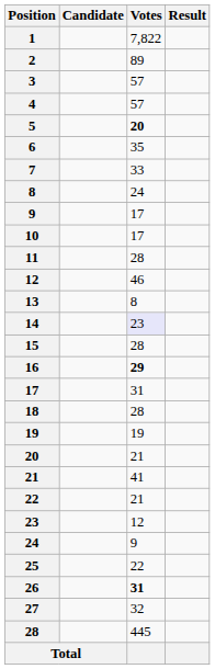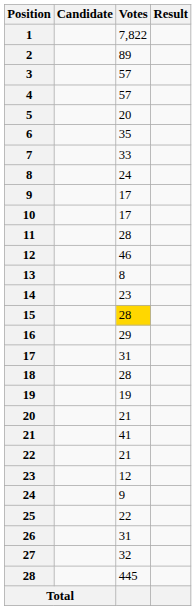 <table class="wikitable sortable col3right">
 <tr>
 <th scope="col">Position</th>
 <th scope="col">Candidate</th>
 <th scope="col">Votes</th>
 <th scope="col">Result</th>
 </tr>
 <tr>
 <th scope="row">1</th>
 <td></td>
 <td>7,822</td>
 <td></td>
 </tr>
 <tr>
 <th scope="row">2</th>
 <td></td>
 <td>89</td>
 <td></td>
 </tr>
 <tr>
 <th scope="row">3</th>
 <td></td>
 <td>57</td>
 <td></td>
 </tr>
 <tr>
 <th scope="row">4</th>
 <td></td>
 <td>57</td>
 <td></td>
 </tr>
 <tr>
 <th scope="row">5</th>
 <td></td>
-<td><strong>20</strong></td>
+<td>20</td>
 <td></td>
 </tr>
 <tr>
 <th scope="row">6</th>
 <td></td>
 <td>35</td>
 <td></td>
 </tr>
 <tr>
 <th scope="row">7</th>
 <td></td>
 <td>33</td>
 <td></td>
 </tr>
 <tr>
 <th scope="row">8</th>
 <td></td>
 <td>24</td>
 <td></td>
 </tr>
 <tr>
 <th scope="row">9</th>
 <td></td>
 <td>17</td>
 <td></td>
 </tr>
 <tr>
 <th scope="row">10</th>
 <td></td>
 <td>17</td>
 <td></td>
 </tr>
 <tr>
 <th scope="row">11</th>
 <td></td>
 <td>28</td>
 <td></td>
 </tr>
 <tr>
 <th scope="row">12</th>
 <td></td>
 <td>46</td>
 <td></td>
 </tr>
 <tr>
 <th scope="row">13</th>
 <td></td>
 <td>8</td>
 <td></td>
 </tr>
 <tr>
 <th scope="row">14</th>
 <td></td>
-<td style="background: lavender;">23</td>
+<td>23</td>
 <td></td>
 </tr>
 <tr>
 <th scope="row">15</th>
 <td></td>
-<td>28</td>
+<td style="background: gold;">28</td>
 <td></td>
 </tr>
 <tr>
 <th scope="row">16</th>
 <td></td>
-<td><strong>29</strong></td>
+<td>29</td>
 <td></td>
 </tr>
 <tr>
 <th scope="row">17</th>
 <td></td>
 <td>31</td>
 <td></td>
 </tr>
 <tr>
 <th scope="row">18</th>
 <td></td>
 <td>28</td>
 <td></td>
 </tr>
 <tr>
 <th scope="row">19</th>
 <td></td>
 <td>19</td>
 <td></td>
 </tr>
 <tr>
 <th scope="row">20</th>
 <td></td>
 <td>21</td>
 <td></td>
 </tr>
 <tr>
 <th scope="row">21</th>
 <td></td>
 <td>41</td>
 <td></td>
 </tr>
 <tr>
 <th scope="row">22</th>
 <td></td>
 <td>21</td>
 <td></td>
 </tr>
 <tr>
 <th scope="row">23</th>
 <td></td>
 <td>12</td>
 <td></td>
 </tr>
 <tr>
 <th scope="row">24</th>
 <td></td>
 <td>9</td>
 <td></td>
 </tr>
 <tr>
 <th scope="row">25</th>
 <td></td>
 <td>22</td>
 <td></td>
 </tr>
 <tr>
 <th scope="row">26</th>
 <td></td>
-<td><strong>31</strong></td>
+<td>31</td>
 <td></td>
 </tr>
 <tr>
 <th scope="row">27</th>
 <td></td>
 <td>32</td>
 <td></td>
 </tr>
 <tr>
 <th scope="row">28</th>
 <td></td>
 <td>445</td>
 <td></td>
 </tr>
 <tr class="sortbottom">
 <th scope="row" colspan="2">Total</th>
 <th></th>
 <th></th>
 </tr>
 </table>
